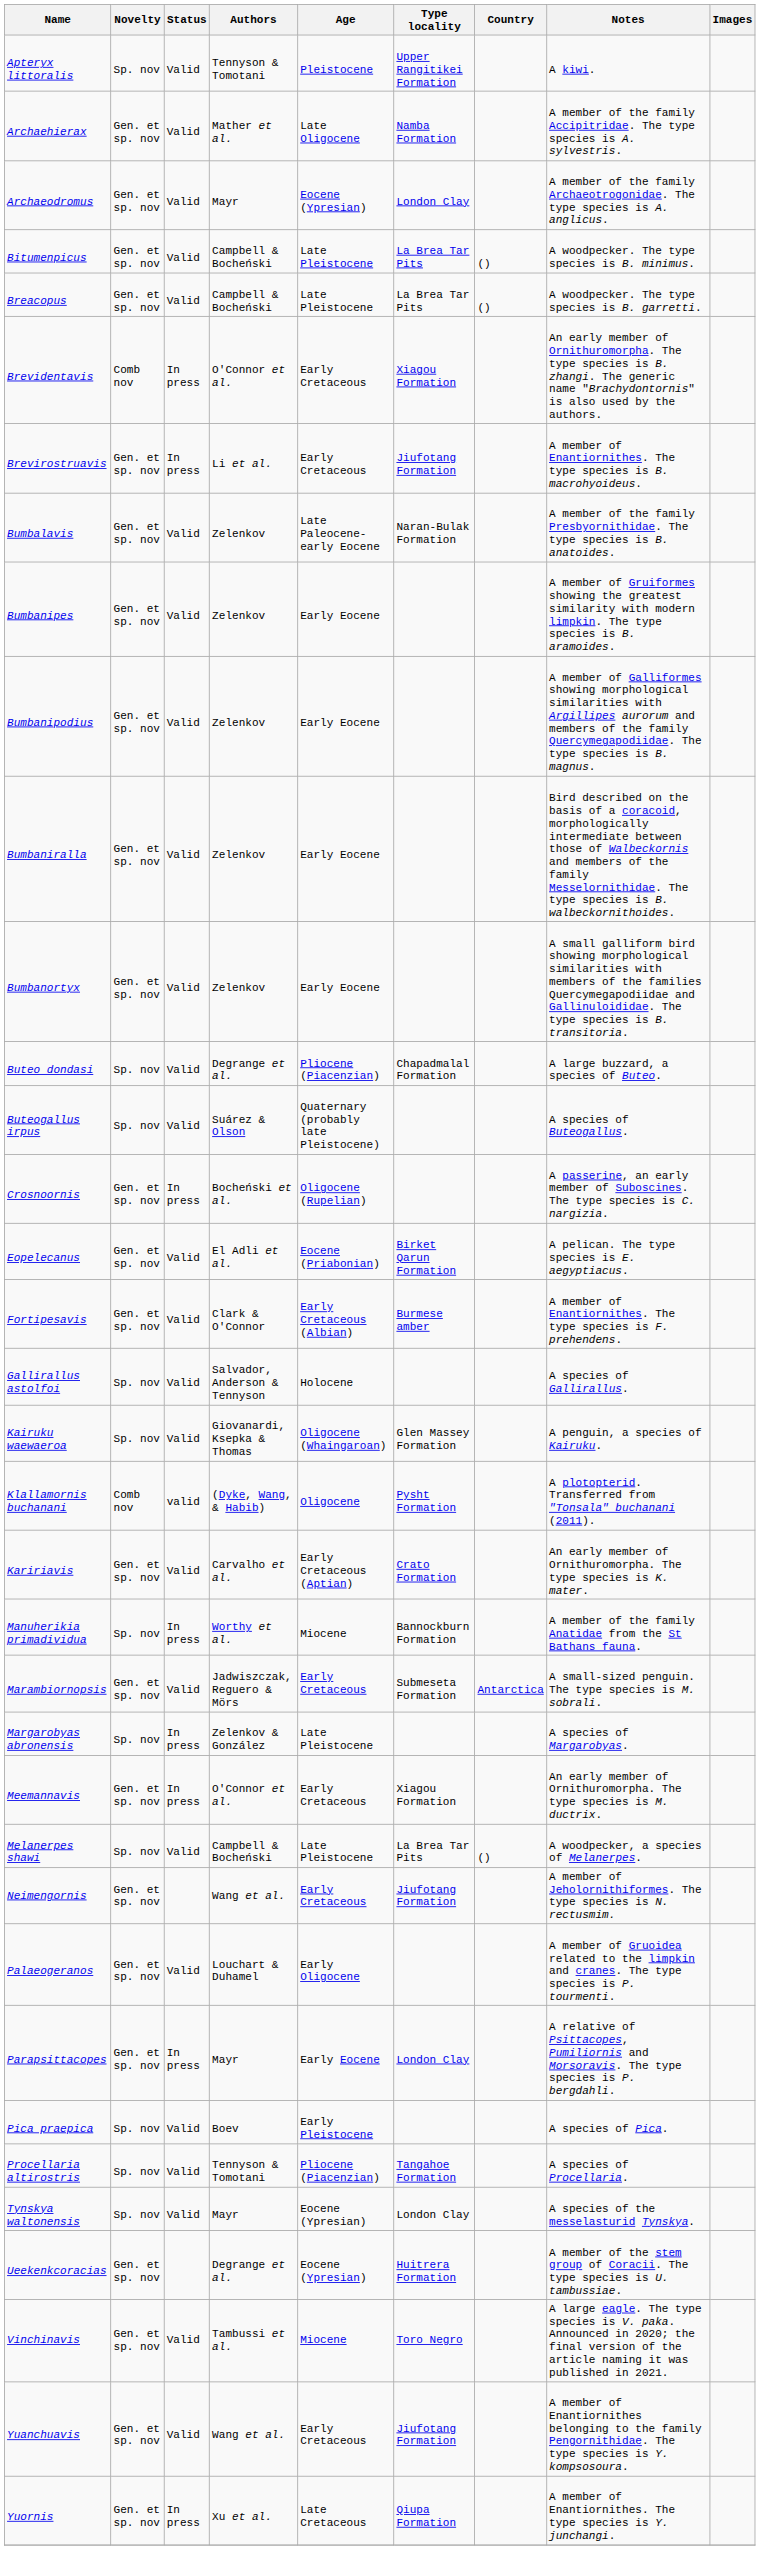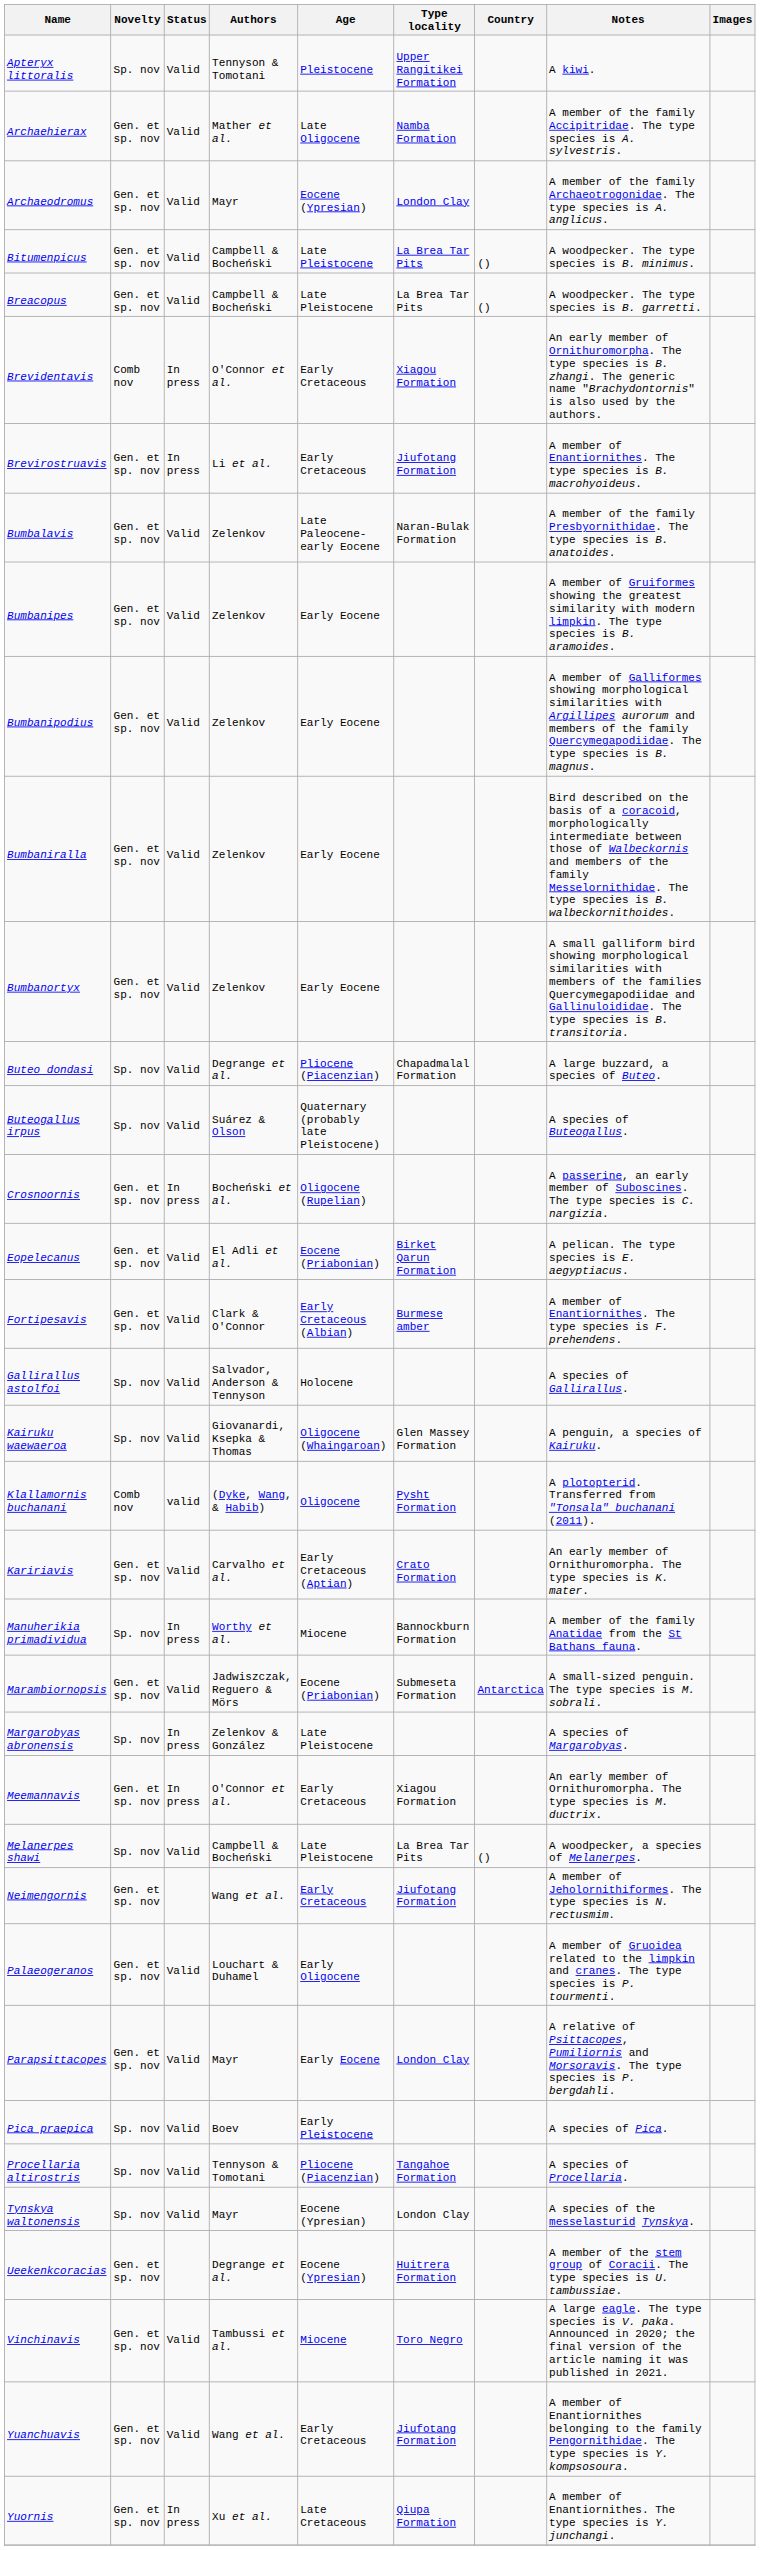 <table class="wikitable sortable" align="center" width="100%">
 <tr>
 <th>Name</th>
 <th>Novelty</th>
 <th>Status</th>
 <th>Authors</th>
 <th>Age</th>
 <th>Type locality</th>
 <th>Country</th>
 <th>Notes</th>
 <th>Images</th>
 </tr>
 <tr>
 <td><br><em><a href='#'>Apteryx littoralis</a></em></td>
 <td><br>Sp. nov</td>
 <td><br>Valid</td>
 <td><br>Tennyson & Tomotani</td>
 <td><br><a href='#'>Pleistocene</a></td>
 <td><br><a href='#'>Upper Rangitikei Formation</a></td>
 <td><br></td>
 <td><br>A <a href='#'>kiwi</a>.</td>
 <td></td>
 </tr>
 <tr>
 <td><br><em><a href='#'>Archaehierax</a></em></td>
 <td><br>Gen. et sp. nov</td>
 <td><br>Valid</td>
 <td><br>Mather <em>et al.</em></td>
 <td><br>Late <a href='#'>Oligocene</a></td>
 <td><br><a href='#'>Namba Formation</a></td>
 <td><br></td>
 <td><br>A member of the family <a href='#'>Accipitridae</a>. The type species is <em>A. sylvestris</em>.</td>
 <td></td>
 </tr>
 <tr>
 <td><br><em><a href='#'>Archaeodromus</a></em></td>
 <td><br>Gen. et sp. nov</td>
 <td><br>Valid</td>
 <td><br>Mayr</td>
 <td><br><a href='#'>Eocene</a> (<a href='#'>Ypresian</a>)</td>
 <td><br><a href='#'>London Clay</a></td>
 <td><br></td>
 <td><br>A member of the family <a href='#'>Archaeotrogonidae</a>. The type species is <em>A. anglicus</em>.</td>
 <td></td>
 </tr>
 <tr>
 <td><br><em><a href='#'>Bitumenpicus</a></em></td>
 <td><br>Gen. et sp. nov</td>
 <td><br>Valid</td>
 <td><br>Campbell & Bocheński</td>
 <td><br>Late <a href='#'>Pleistocene</a></td>
 <td><br><a href='#'>La Brea Tar Pits</a></td>
 <td><br><br>()</td>
 <td><br>A woodpecker. The type species is <em>B. minimus</em>.</td>
 <td></td>
 </tr>
 <tr>
 <td><br><em><a href='#'>Breacopus</a></em></td>
 <td><br>Gen. et sp. nov</td>
 <td><br>Valid</td>
 <td><br>Campbell & Bocheński</td>
 <td><br>Late Pleistocene</td>
 <td><br>La Brea Tar Pits</td>
 <td><br><br>()</td>
 <td><br>A woodpecker. The type species is <em>B. garretti</em>.</td>
 <td></td>
 </tr>
 <tr>
 <td><br><em><a href='#'>Brevidentavis</a></em></td>
 <td><br>Comb nov</td>
 <td><br>In press</td>
 <td><br>O'Connor <em>et al.</em></td>
 <td><br>Early Cretaceous</td>
 <td><br><a href='#'>Xiagou Formation</a></td>
 <td><br></td>
 <td><br>An early member of <a href='#'>Ornithuromorpha</a>. The type species is <em>B. zhangi</em>. The generic name "<em>Brachydontornis</em>" is also used by the authors.</td>
 <td></td>
 </tr>
 <tr>
 <td><br><em><a href='#'>Brevirostruavis</a></em></td>
 <td><br>Gen. et sp. nov</td>
 <td><br>In press</td>
 <td><br>Li <em>et al.</em></td>
 <td><br>Early Cretaceous</td>
 <td><br><a href='#'>Jiufotang Formation</a></td>
 <td><br></td>
 <td><br>A member of <a href='#'>Enantiornithes</a>. The type species is <em>B. macrohyoideus</em>.</td>
 <td></td>
 </tr>
 <tr>
 <td><br><em><a href='#'>Bumbalavis</a></em></td>
 <td><br>Gen. et sp. nov</td>
 <td><br>Valid</td>
 <td><br>Zelenkov</td>
 <td><br>Late Paleocene-early Eocene</td>
 <td><br>Naran-Bulak Formation</td>
 <td><br></td>
 <td><br>A member of the family <a href='#'>Presbyornithidae</a>. The type species is <em>B. anatoides</em>.</td>
 <td></td>
 </tr>
 <tr>
 <td><br><em><a href='#'>Bumbanipes</a></em></td>
 <td><br>Gen. et sp. nov</td>
 <td><br>Valid</td>
 <td><br>Zelenkov</td>
 <td><br>Early Eocene</td>
 <td></td>
 <td><br></td>
 <td><br>A member of <a href='#'>Gruiformes</a> showing the greatest similarity with modern <a href='#'>limpkin</a>. The type species is <em>B. aramoides</em>.</td>
 <td></td>
 </tr>
 <tr>
 <td><br><em><a href='#'>Bumbanipodius</a></em></td>
 <td><br>Gen. et sp. nov</td>
 <td><br>Valid</td>
 <td><br>Zelenkov</td>
 <td><br>Early Eocene</td>
 <td></td>
 <td><br></td>
 <td><br>A member of <a href='#'>Galliformes</a> showing morphological similarities with <em><a href='#'>Argillipes</a> aurorum</em> and members of the family <a href='#'>Quercymegapodiidae</a>. The type species is <em>B. magnus</em>.</td>
 <td></td>
 </tr>
 <tr>
 <td><br><em><a href='#'>Bumbaniralla</a></em></td>
 <td><br>Gen. et sp. nov</td>
 <td><br>Valid</td>
 <td><br>Zelenkov</td>
 <td><br>Early Eocene</td>
 <td></td>
 <td><br></td>
 <td><br>Bird described on the basis of a <a href='#'>coracoid</a>, morphologically intermediate between those of <em><a href='#'>Walbeckornis</a></em> and members of the family <a href='#'>Messelornithidae</a>. The type species is <em>B. walbeckornithoides</em>.</td>
 <td></td>
 </tr>
 <tr>
 <td><br><em><a href='#'>Bumbanortyx</a></em></td>
 <td><br>Gen. et sp. nov</td>
 <td><br>Valid</td>
 <td><br>Zelenkov</td>
 <td><br>Early Eocene</td>
 <td></td>
 <td><br></td>
 <td><br>A small galliform bird showing morphological similarities with members of the families Quercymegapodiidae and <a href='#'>Gallinuloididae</a>. The type species is <em>B. transitoria</em>.</td>
 <td></td>
 </tr>
 <tr>
 <td><br><em><a href='#'>Buteo dondasi</a></em></td>
 <td><br>Sp. nov</td>
 <td><br>Valid</td>
 <td><br>Degrange <em>et al.</em></td>
 <td><br><a href='#'>Pliocene</a> (<a href='#'>Piacenzian</a>)</td>
 <td><br>Chapadmalal Formation</td>
 <td><br></td>
 <td><br>A large buzzard, a species of <em><a href='#'>Buteo</a></em>.</td>
 <td></td>
 </tr>
 <tr>
 <td><br><em><a href='#'>Buteogallus irpus</a></em></td>
 <td><br>Sp. nov</td>
 <td><br>Valid</td>
 <td><br>Suárez & <a href='#'>Olson</a></td>
 <td><br>Quaternary (probably late Pleistocene)</td>
 <td></td>
 <td><br><br> </td>
 <td><br>A species of <em><a href='#'>Buteogallus</a></em>.</td>
 <td></td>
 </tr>
 <tr>
 <td><br><em><a href='#'>Crosnoornis</a></em></td>
 <td><br>Gen. et sp. nov</td>
 <td><br>In press</td>
 <td><br>Bocheński <em>et al.</em></td>
 <td><br><a href='#'>Oligocene</a> (<a href='#'>Rupelian</a>)</td>
 <td></td>
 <td><br></td>
 <td><br>A <a href='#'>passerine</a>, an early member of <a href='#'>Suboscines</a>. The type species is <em>C. nargizia</em>.</td>
 <td></td>
 </tr>
 <tr>
 <td><br><em><a href='#'>Eopelecanus</a></em></td>
 <td><br>Gen. et sp. nov</td>
 <td><br>Valid</td>
 <td><br>El Adli <em>et al.</em></td>
 <td><br><a href='#'>Eocene</a> (<a href='#'>Priabonian</a>)</td>
 <td><br><a href='#'>Birket Qarun Formation</a></td>
 <td><br></td>
 <td><br>A pelican. The type species is <em>E. aegyptiacus</em>.</td>
 <td></td>
 </tr>
 <tr>
 <td><br><em><a href='#'>Fortipesavis</a></em></td>
 <td><br>Gen. et sp. nov</td>
 <td><br>Valid</td>
 <td><br>Clark & O'Connor</td>
 <td><br><a href='#'>Early Cretaceous</a> (<a href='#'>Albian</a>)</td>
 <td><br><a href='#'>Burmese amber</a></td>
 <td><br></td>
 <td><br>A member of <a href='#'>Enantiornithes</a>. The type species is <em>F. prehendens</em>.</td>
 <td></td>
 </tr>
 <tr>
 <td><br><em><a href='#'>Gallirallus astolfoi</a></em></td>
 <td><br>Sp. nov</td>
 <td><br>Valid</td>
 <td><br>Salvador, Anderson & Tennyson</td>
 <td><br>Holocene</td>
 <td></td>
 <td><br></td>
 <td><br>A species of <em><a href='#'>Gallirallus</a></em>.</td>
 <td></td>
 </tr>
 <tr>
 <td><br><em><a href='#'>Kairuku waewaeroa</a></em></td>
 <td><br>Sp. nov</td>
 <td><br>Valid</td>
 <td><br>Giovanardi, Ksepka & Thomas</td>
 <td><br><a href='#'>Oligocene</a> (<a href='#'>Whaingaroan</a>)</td>
 <td><br>Glen Massey Formation</td>
 <td><br></td>
 <td><br>A penguin, a species of <em><a href='#'>Kairuku</a></em>.</td>
 <td></td>
 </tr>
 <tr>
 <td><br><em><a href='#'>Klallamornis buchanani</a></em></td>
 <td><br>Comb nov</td>
 <td><br>valid</td>
 <td><br>(<a href='#'>Dyke</a>, <a href='#'>Wang</a>, & <a href='#'>Habib</a>)</td>
 <td><br><a href='#'>Oligocene</a></td>
 <td><br><a href='#'>Pysht Formation</a></td>
 <td><br><br></td>
 <td><br>A <a href='#'>plotopterid</a>.<br> Transferred from <em><a href='#'>"Tonsala" buchanani</a></em> (<a href='#'>2011</a>).</td>
 <td><br></td>
 </tr>
 <tr>
 <td><br><em><a href='#'>Kaririavis</a></em></td>
 <td><br>Gen. et sp. nov</td>
 <td><br>Valid</td>
 <td><br>Carvalho <em>et al.</em></td>
 <td><br>Early Cretaceous (<a href='#'>Aptian</a>)</td>
 <td><br><a href='#'>Crato Formation</a></td>
 <td><br></td>
 <td><br>An early member of Ornithuromorpha. The type species is <em>K. mater</em>.</td>
 <td></td>
 </tr>
 <tr>
 <td><br><em><a href='#'>Manuherikia primadividua</a></em></td>
 <td><br>Sp. nov</td>
 <td><br>In press</td>
 <td><br><a href='#'>Worthy</a> <em>et al.</em></td>
 <td><br>Miocene</td>
 <td><br>Bannockburn Formation</td>
 <td><br></td>
 <td><br>A member of the family <a href='#'>Anatidae</a> from the <a href='#'>St Bathans fauna</a>.</td>
 <td></td>
 </tr>
 <tr>
 <td><br><em><a href='#'>Marambiornopsis</a></em></td>
 <td><br>Gen. et sp. nov</td>
 <td><br>Valid</td>
 <td><br>Jadwiszczak, Reguero & Mörs</td>
-<td><a href='#'>Early Cretaceous</a></td>
+<td><br>Eocene (<a href='#'>Priabonian</a>)</td>
 <td><br>Submeseta Formation</td>
 <td><br><a href='#'>Antarctica</a></td>
 <td><br>A small-sized penguin. The type species is <em>M. sobrali</em>.</td>
 <td></td>
 </tr>
 <tr>
 <td><br><em><a href='#'>Margarobyas abronensis</a></em></td>
 <td><br>Sp. nov</td>
 <td><br>In press</td>
 <td><br>Zelenkov & González</td>
 <td><br>Late Pleistocene</td>
 <td></td>
 <td><br></td>
 <td><br>A species of <em><a href='#'>Margarobyas</a></em>.</td>
 <td></td>
 </tr>
 <tr>
 <td><br><em><a href='#'>Meemannavis</a></em></td>
 <td><br>Gen. et sp. nov</td>
 <td><br>In press</td>
 <td><br>O'Connor <em>et al.</em></td>
 <td><br>Early Cretaceous</td>
 <td><br>Xiagou Formation</td>
 <td><br></td>
 <td><br>An early member of Ornithuromorpha. The type species is <em>M. ductrix</em>.</td>
 <td></td>
 </tr>
 <tr>
 <td><br><em><a href='#'>Melanerpes shawi</a></em></td>
 <td><br>Sp. nov</td>
 <td><br>Valid</td>
 <td><br>Campbell & Bocheński</td>
 <td><br>Late Pleistocene</td>
 <td><br>La Brea Tar Pits</td>
 <td><br><br>()</td>
 <td><br>A woodpecker, a species of <em><a href='#'>Melanerpes</a></em>.</td>
 <td></td>
 </tr>
 <tr>
 <td><em><a href='#'>Neimengornis</a></em></td>
 <td>Gen. et sp. nov</td>
 <td></td>
 <td>Wang <em>et al.</em></td>
 <td><a href='#'>Early Cretaceous</a></td>
 <td><a href='#'>Jiufotang Formation</a></td>
 <td></td>
 <td>A member of <a href='#'>Jeholornithiformes</a>. The type species is <em>N. rectusmim.</em></td>
 <td></td>
 </tr>
 <tr>
 <td><br><em><a href='#'>Palaeogeranos</a></em></td>
 <td><br>Gen. et sp. nov</td>
 <td><br>Valid</td>
 <td><br>Louchart & Duhamel</td>
 <td><br>Early <a href='#'>Oligocene</a></td>
 <td></td>
 <td><br></td>
 <td><br>A member of <a href='#'>Gruoidea</a> related to the <a href='#'>limpkin</a> and <a href='#'>cranes</a>. The type species is <em>P. tourmenti</em>.</td>
 <td></td>
 </tr>
 <tr>
 <td><br><em><a href='#'>Parapsittacopes</a></em></td>
 <td><br>Gen. et sp. nov</td>
-<td><br>In press</td>
+<td><br>Valid</td>
 <td><br>Mayr</td>
 <td><br>Early <a href='#'>Eocene</a></td>
 <td><br><a href='#'>London Clay</a></td>
 <td><br></td>
 <td><br>A relative of <em><a href='#'>Psittacopes</a></em>, <em><a href='#'>Pumiliornis</a></em> and <em><a href='#'>Morsoravis</a></em>. The type species is <em>P. bergdahli</em>.</td>
 <td></td>
 </tr>
 <tr>
 <td><br><em><a href='#'>Pica praepica</a></em></td>
 <td><br>Sp. nov</td>
 <td><br>Valid</td>
 <td><br>Boev</td>
 <td><br>Early <a href='#'>Pleistocene</a></td>
 <td></td>
 <td><br></td>
 <td><br>A species of <em><a href='#'>Pica</a></em>.</td>
 <td></td>
 </tr>
 <tr>
 <td><br><em><a href='#'>Procellaria altirostris</a></em></td>
 <td><br>Sp. nov</td>
 <td><br>Valid</td>
 <td><br>Tennyson & Tomotani</td>
 <td><br><a href='#'>Pliocene</a> (<a href='#'>Piacenzian</a>)</td>
 <td><br><a href='#'>Tangahoe Formation</a></td>
 <td><br></td>
 <td><br>A species of <em><a href='#'>Procellaria</a></em>.</td>
 <td></td>
 </tr>
 <tr>
 <td><br><em><a href='#'>Tynskya waltonensis</a></em></td>
 <td><br>Sp. nov</td>
 <td><br>Valid</td>
 <td><br>Mayr</td>
 <td><br>Eocene (Ypresian)</td>
 <td><br>London Clay</td>
 <td><br></td>
 <td><br>A species of the <a href='#'>messelasturid</a> <em><a href='#'>Tynskya</a></em>.</td>
 <td></td>
 </tr>
 <tr>
 <td><br><em><a href='#'>Ueekenkcoracias</a></em></td>
 <td><br>Gen. et sp. nov</td>
 <td></td>
 <td><br>Degrange <em>et al.</em></td>
 <td><br>Eocene (<a href='#'>Ypresian</a>)</td>
 <td><br><a href='#'>Huitrera Formation</a></td>
 <td><br></td>
 <td><br>A member of the <a href='#'>stem group</a> of <a href='#'>Coracii</a>. The type species is <em>U. tambussiae</em>.</td>
 <td></td>
 </tr>
 <tr>
 <td><em><a href='#'>Vinchinavis</a></em></td>
 <td>Gen. et sp. nov</td>
 <td>Valid</td>
 <td>Tambussi <em>et al.</em></td>
 <td><a href='#'>Miocene</a></td>
 <td><a href='#'>Toro Negro</a></td>
 <td></td>
 <td>A large <a href='#'>eagle</a>. The type species is <em>V. paka</em>. Announced in 2020; the final version of the article naming it was published in 2021.</td>
 <td></td>
 </tr>
 <tr>
 <td><br><em><a href='#'>Yuanchuavis</a></em></td>
 <td><br>Gen. et sp. nov</td>
 <td><br>Valid</td>
 <td><br>Wang <em>et al.</em></td>
 <td><br>Early Cretaceous</td>
 <td><br><a href='#'>Jiufotang Formation</a></td>
 <td><br></td>
 <td><br>A member of Enantiornithes belonging to the family <a href='#'>Pengornithidae</a>. The type species is <em>Y. kompsosoura</em>.</td>
 <td></td>
 </tr>
 <tr>
 <td><br><em><a href='#'>Yuornis</a></em></td>
 <td><br>Gen. et sp. nov</td>
 <td><br>In press</td>
 <td><br>Xu <em>et al.</em></td>
 <td><br>Late Cretaceous</td>
 <td><br><a href='#'>Qiupa Formation</a></td>
 <td><br></td>
 <td><br>A member of Enantiornithes. The type species is <em>Y. junchangi</em>.</td>
 <td></td>
 </tr>
 <tr>
 </tr>
 </table>
